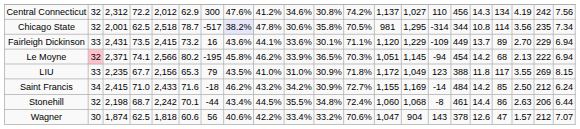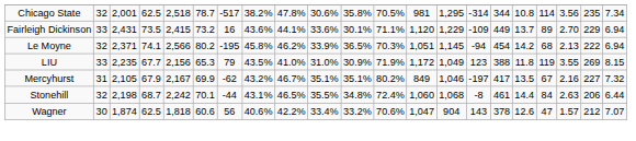 <table class="wikitable sortable" style="text-align:center; font-size:80%;">
 <tr>
 </tr>
 <tr>
-</tr>
-<tr>
-<td style="position: sticky; left: 0; ">Central Connecticut</td>
-<td>32</td>
-<td>2,312</td>
-<td>72.2</td>
-<td>2,012</td>
-<td>62.9</td>
-<td>300</td>
-<td>47.6%</td>
-<td>41.2%</td>
-<td>34.6%</td>
-<td>30.8%</td>
-<td>74.2%</td>
-<td>1,137</td>
-<td>1,027</td>
-<td>110</td>
-<td>456</td>
-<td>14.3</td>
-<td>134</td>
-<td>4.19</td>
-<td>242</td>
-<td>7.56</td>
 </tr>
 <tr>
 <td style="position: sticky; left: 0; ">Chicago State</td>
 <td>32</td>
 <td>2,001</td>
 <td>62.5</td>
 <td>2,518</td>
 <td>78.7</td>
 <td>-517</td>
-<td style="background: lavender;">38.2%</td>
+<td>38.2%</td>
 <td>47.8%</td>
 <td>30.6%</td>
 <td>35.8%</td>
 <td>70.5%</td>
 <td>981</td>
 <td>1,295</td>
 <td>-314</td>
 <td>344</td>
 <td>10.8</td>
 <td>114</td>
 <td>3.56</td>
 <td>235</td>
 <td>7.34</td>
 </tr>
 <tr>
 <td style="position: sticky; left: 0; ">Fairleigh Dickinson</td>
 <td>33</td>
 <td>2,431</td>
 <td>73.5</td>
 <td>2,415</td>
 <td>73.2</td>
 <td>16</td>
 <td>43.6%</td>
 <td>44.1%</td>
 <td>33.6%</td>
 <td>30.1%</td>
 <td>71.1%</td>
 <td>1,120</td>
 <td>1,229</td>
 <td>-109</td>
 <td>449</td>
 <td>13.7</td>
 <td>89</td>
 <td>2.70</td>
 <td>229</td>
 <td>6.94</td>
 </tr>
 <tr>
 <td style="position: sticky; left: 0; ">Le Moyne</td>
-<td style="background: pink;">32</td>
+<td>32</td>
 <td>2,371</td>
 <td>74.1</td>
 <td>2,566</td>
 <td>80.2</td>
 <td>-195</td>
 <td>45.8%</td>
 <td>46.2%</td>
 <td>33.9%</td>
 <td>36.5%</td>
 <td>70.3%</td>
 <td>1,051</td>
 <td>1,145</td>
 <td>-94</td>
 <td>454</td>
 <td>14.2</td>
 <td>68</td>
 <td>2.13</td>
 <td>222</td>
 <td>6.94</td>
 </tr>
 <tr>
 <td style="position: sticky; left: 0; ">LIU</td>
 <td>33</td>
 <td>2,235</td>
 <td>67.7</td>
 <td>2,156</td>
 <td>65.3</td>
 <td>79</td>
 <td>43.5%</td>
 <td>41.0%</td>
 <td>31.0%</td>
 <td>30.9%</td>
-<td>71.8%</td>
+<td>71.9%</td>
 <td>1,172</td>
 <td>1,049</td>
 <td>123</td>
 <td>388</td>
 <td>11.8</td>
-<td>117</td>
+<td>119</td>
 <td>3.55</td>
 <td>269</td>
 <td>8.15</td>
 </tr>
 <tr>
-<td style="position: sticky; left: 0; ">Saint Francis</td>
-<td>34</td>
-<td>2,415</td>
-<td>71.0</td>
-<td>2,433</td>
-<td>71.6</td>
-<td>-18</td>
-<td>46.2%</td>
+<td style="position: sticky; left: 0; ">Mercyhurst</td>
+<td>31</td>
+<td>2,105</td>
+<td>67.9</td>
+<td>2,167</td>
+<td>69.9</td>
+<td>-62</td>
 <td>43.2%</td>
-<td>34.2%</td>
-<td>30.9%</td>
-<td>72.7%</td>
-<td>1,155</td>
-<td>1,169</td>
-<td>-14</td>
-<td>484</td>
-<td>14.2</td>
-<td>85</td>
-<td>2.50</td>
-<td>212</td>
-<td>6.24</td>
+<td>46.7%</td>
+<td>35.1%</td>
+<td>35.1%</td>
+<td>80.2%</td>
+<td>849</td>
+<td>1,046</td>
+<td>-197</td>
+<td>417</td>
+<td>13.5</td>
+<td>67</td>
+<td>2.16</td>
+<td>227</td>
+<td>7.32</td>
 </tr>
 <tr>
 <td style="position: sticky; left: 0; ">Stonehill</td>
 <td>32</td>
 <td>2,198</td>
 <td>68.7</td>
 <td>2,242</td>
 <td>70.1</td>
 <td>-44</td>
-<td>43.4%</td>
-<td>44.5%</td>
+<td>43.1%</td>
+<td>46.5%</td>
 <td>35.5%</td>
 <td>34.8%</td>
 <td>72.4%</td>
 <td>1,060</td>
 <td>1,068</td>
 <td>-8</td>
 <td>461</td>
 <td>14.4</td>
-<td>86</td>
+<td>84</td>
 <td>2.63</td>
 <td>206</td>
 <td>6.44</td>
 </tr>
 <tr>
 <td style="position: sticky; left: 0; ">Wagner</td>
 <td>30</td>
 <td>1,874</td>
 <td>62.5</td>
 <td>1,818</td>
 <td>60.6</td>
 <td>56</td>
 <td>40.6%</td>
 <td>42.2%</td>
 <td>33.4%</td>
 <td>33.2%</td>
 <td>70.6%</td>
 <td>1,047</td>
 <td>904</td>
 <td>143</td>
 <td>378</td>
 <td>12.6</td>
 <td>47</td>
 <td>1.57</td>
 <td>212</td>
 <td>7.07</td>
 </tr>
 </table>
